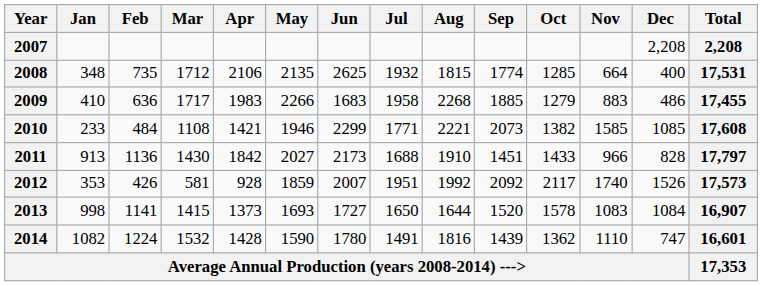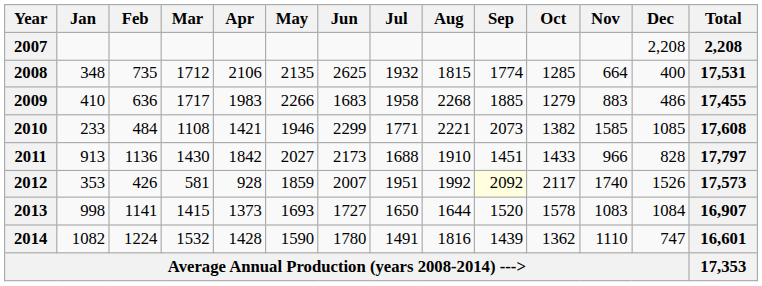 <table class=wikitable style="text-align:right; font-size:0.9em; width:650px;">
 <tr>
 <th>Year</th>
 <th>Jan</th>
 <th>Feb</th>
 <th>Mar</th>
 <th>Apr</th>
 <th>May</th>
 <th>Jun</th>
 <th>Jul</th>
 <th>Aug</th>
 <th>Sep</th>
 <th>Oct</th>
 <th>Nov</th>
 <th>Dec</th>
 <th>Total</th>
 </tr>
 <tr>
 <th>2007</th>
 <td></td>
 <td></td>
 <td></td>
 <td></td>
 <td></td>
 <td></td>
 <td></td>
 <td></td>
 <td></td>
 <td></td>
 <td></td>
 <td>2,208</td>
 <th>2,208</th>
 </tr>
 <tr>
 <th>2008</th>
 <td>348</td>
 <td>735</td>
 <td>1712</td>
 <td>2106</td>
 <td>2135</td>
 <td>2625</td>
 <td>1932</td>
 <td>1815</td>
 <td>1774</td>
 <td>1285</td>
 <td>664</td>
 <td>400</td>
 <th>17,531</th>
 </tr>
 <tr>
 <th>2009</th>
 <td>410</td>
 <td>636</td>
 <td>1717</td>
 <td>1983</td>
 <td>2266</td>
 <td>1683</td>
 <td>1958</td>
 <td>2268</td>
 <td>1885</td>
 <td>1279</td>
 <td>883</td>
 <td>486</td>
 <th>17,455</th>
 </tr>
 <tr>
 <th>2010</th>
 <td>233</td>
 <td>484</td>
 <td>1108</td>
 <td>1421</td>
 <td>1946</td>
 <td>2299</td>
 <td>1771</td>
 <td>2221</td>
 <td>2073</td>
 <td>1382</td>
 <td>1585</td>
 <td>1085</td>
 <th>17,608</th>
 </tr>
 <tr>
 <th>2011</th>
 <td>913</td>
 <td>1136</td>
 <td>1430</td>
 <td>1842</td>
 <td>2027</td>
 <td>2173</td>
 <td>1688</td>
 <td>1910</td>
 <td>1451</td>
 <td>1433</td>
 <td>966</td>
 <td>828</td>
 <th>17,797</th>
 </tr>
 <tr>
 <th>2012</th>
 <td>353</td>
 <td>426</td>
 <td>581</td>
 <td>928</td>
 <td>1859</td>
 <td>2007</td>
 <td>1951</td>
 <td>1992</td>
-<td>2092</td>
+<td style="background: lightyellow;">2092</td>
 <td>2117</td>
 <td>1740</td>
 <td>1526</td>
 <th>17,573</th>
 </tr>
 <tr>
 <th>2013</th>
 <td>998</td>
 <td>1141</td>
 <td>1415</td>
 <td>1373</td>
 <td>1693</td>
 <td>1727</td>
 <td>1650</td>
 <td>1644</td>
 <td>1520</td>
 <td>1578</td>
 <td>1083</td>
 <td>1084</td>
 <th>16,907</th>
 </tr>
 <tr>
 <th>2014</th>
 <td>1082</td>
 <td>1224</td>
 <td>1532</td>
 <td>1428</td>
 <td>1590</td>
 <td>1780</td>
 <td>1491</td>
 <td>1816</td>
 <td>1439</td>
 <td>1362</td>
 <td>1110</td>
 <td>747</td>
 <th>16,601</th>
 </tr>
 <tr>
 <th colspan=13>Average Annual Production (years 2008-2014) ---></th>
 <th>17,353</th>
 </tr>
 </table>
